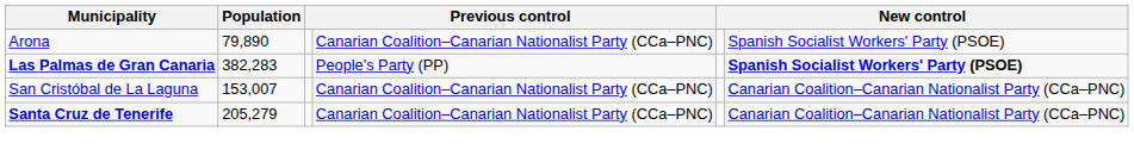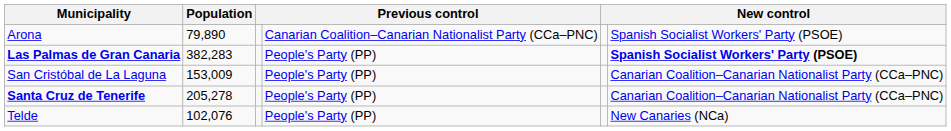 <table class="wikitable sortable">
 <tr>
 <th>Municipality</th>
 <th>Population</th>
 <th colspan="2" style="width:375px;">Previous control</th>
 <th colspan="2" style="width:375px;">New control</th>
 </tr>
 <tr>
 <td><a href='#'>Arona</a></td>
 <td>79,890</td>
 <td width="1" style="color:inherit;background:"></td>
 <td><a href='#'>Canarian Coalition–Canarian Nationalist Party</a> (CCa–PNC)</td>
 <td width="1" style="color:inherit;background:"></td>
 <td><a href='#'>Spanish Socialist Workers' Party</a> (PSOE)</td>
 </tr>
 <tr>
 <td><strong><a href='#'>Las Palmas de Gran Canaria</a></strong></td>
 <td>382,283</td>
 <td style="color:inherit;background:"></td>
 <td><a href='#'>People's Party</a> (PP)</td>
 <td style="color:inherit;background:"></td>
 <td><strong><a href='#'>Spanish Socialist Workers' Party</a> (PSOE)</strong></td>
 </tr>
 <tr>
 <td><a href='#'>San Cristóbal de La Laguna</a></td>
-<td>153,007</td>
+<td>153,009</td>
 <td style="color:inherit;background:"></td>
-<td><a href='#'>Canarian Coalition–Canarian Nationalist Party</a> (CCa–PNC)</td>
+<td><a href='#'>People's Party</a> (PP)</td>
 <td style="color:inherit;background:"></td>
 <td><a href='#'>Canarian Coalition–Canarian Nationalist Party</a> (CCa–PNC)</td>
 </tr>
 <tr>
 <td><strong><a href='#'>Santa Cruz de Tenerife</a></strong></td>
-<td>205,279</td>
+<td>205,278</td>
 <td style="color:inherit;background:"></td>
-<td><a href='#'>Canarian Coalition–Canarian Nationalist Party</a> (CCa–PNC)</td>
+<td><a href='#'>People's Party</a> (PP)</td>
 <td style="color:inherit;background:"></td>
 <td><a href='#'>Canarian Coalition–Canarian Nationalist Party</a> (CCa–PNC)</td>
 </tr>
+<tr>
+<td><a href='#'>Telde</a></td>
+<td>102,076</td>
+<td style="color:inherit;background:"></td>
+<td><a href='#'>People's Party</a> (PP)</td>
+<td style="color:inherit;background:"></td>
+<td><a href='#'>New Canaries</a> (NCa)</td>
+</tr>
 </table>
